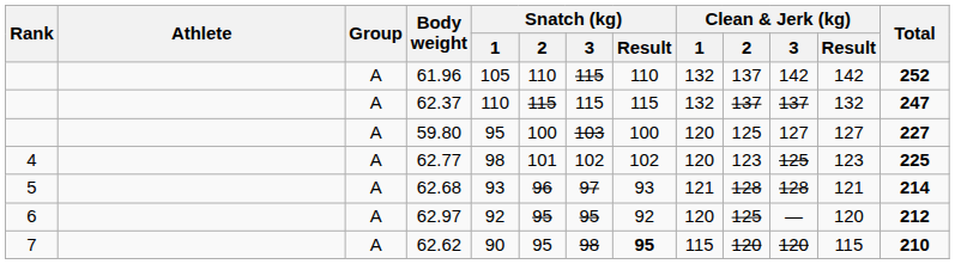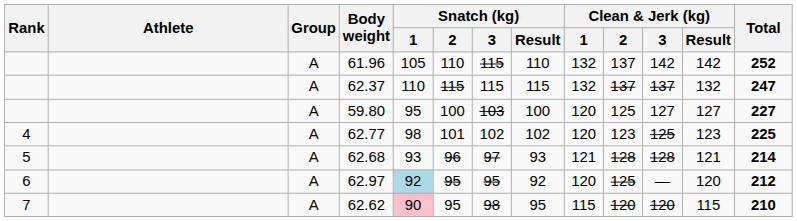 <table class = "wikitable" style="text-align:center;">
 <tr>
 <th rowspan=2 width=40>Rank</th>
 <th rowspan=2 width=250>Athlete</th>
 <th rowspan=2 width=40>Group</th>
 <th rowspan=2 width=50>Body weight</th>
 <th colspan=4>Snatch (kg)</th>
 <th colspan=4>Clean & Jerk (kg)</th>
 <th rowspan=2 width=55>Total</th>
 </tr>
 <tr>
 <th width=35>1</th>
 <th width=35>2</th>
 <th width=35>3</th>
 <th width=45>Result</th>
 <th width=35>1</th>
 <th width=35>2</th>
 <th width=35>3</th>
 <th width=45>Result</th>
 </tr>
 <tr>
 <td></td>
 <td align=left></td>
 <td>A</td>
 <td>61.96</td>
 <td>105</td>
 <td>110</td>
 <td><s>115</s></td>
 <td>110</td>
 <td>132</td>
 <td>137</td>
 <td>142</td>
 <td>142</td>
 <td><strong>252</strong></td>
 </tr>
 <tr>
 <td></td>
 <td align=left></td>
 <td>A</td>
 <td>62.37</td>
 <td>110</td>
 <td><s>115</s></td>
 <td>115</td>
 <td>115</td>
 <td>132</td>
 <td><s>137</s></td>
 <td><s>137</s></td>
 <td>132</td>
 <td><strong>247</strong></td>
 </tr>
 <tr>
 <td></td>
 <td align=left></td>
 <td>A</td>
 <td>59.80</td>
 <td>95</td>
 <td>100</td>
 <td><s>103</s></td>
 <td>100</td>
 <td>120</td>
 <td>125</td>
 <td>127</td>
 <td>127</td>
 <td><strong>227</strong></td>
 </tr>
 <tr>
 <td>4</td>
 <td align=left></td>
 <td>A</td>
 <td>62.77</td>
 <td>98</td>
 <td>101</td>
 <td>102</td>
 <td>102</td>
 <td>120</td>
 <td>123</td>
 <td><s>125</s></td>
 <td>123</td>
 <td><strong>225</strong></td>
 </tr>
 <tr>
 <td>5</td>
 <td align=left></td>
 <td>A</td>
 <td>62.68</td>
 <td>93</td>
 <td><s>96</s></td>
 <td><s>97</s></td>
 <td>93</td>
 <td>121</td>
 <td><s>128</s></td>
 <td><s>128</s></td>
 <td>121</td>
 <td><strong>214</strong></td>
 </tr>
 <tr>
 <td>6</td>
 <td align=left></td>
 <td>A</td>
 <td>62.97</td>
-<td>92</td>
+<td style="background: lightblue;">92</td>
 <td><s>95</s></td>
 <td><s>95</s></td>
 <td>92</td>
 <td>120</td>
 <td><s>125</s></td>
 <td>—</td>
 <td>120</td>
 <td><strong>212</strong></td>
 </tr>
 <tr>
 <td>7</td>
 <td align=left></td>
 <td>A</td>
 <td>62.62</td>
-<td>90</td>
+<td style="background: pink;">90</td>
 <td>95</td>
 <td><s>98</s></td>
-<td><strong>95</strong></td>
+<td>95</td>
 <td>115</td>
 <td><s>120</s></td>
 <td><s>120</s></td>
 <td>115</td>
 <td><strong>210</strong></td>
 </tr>
 </table>
